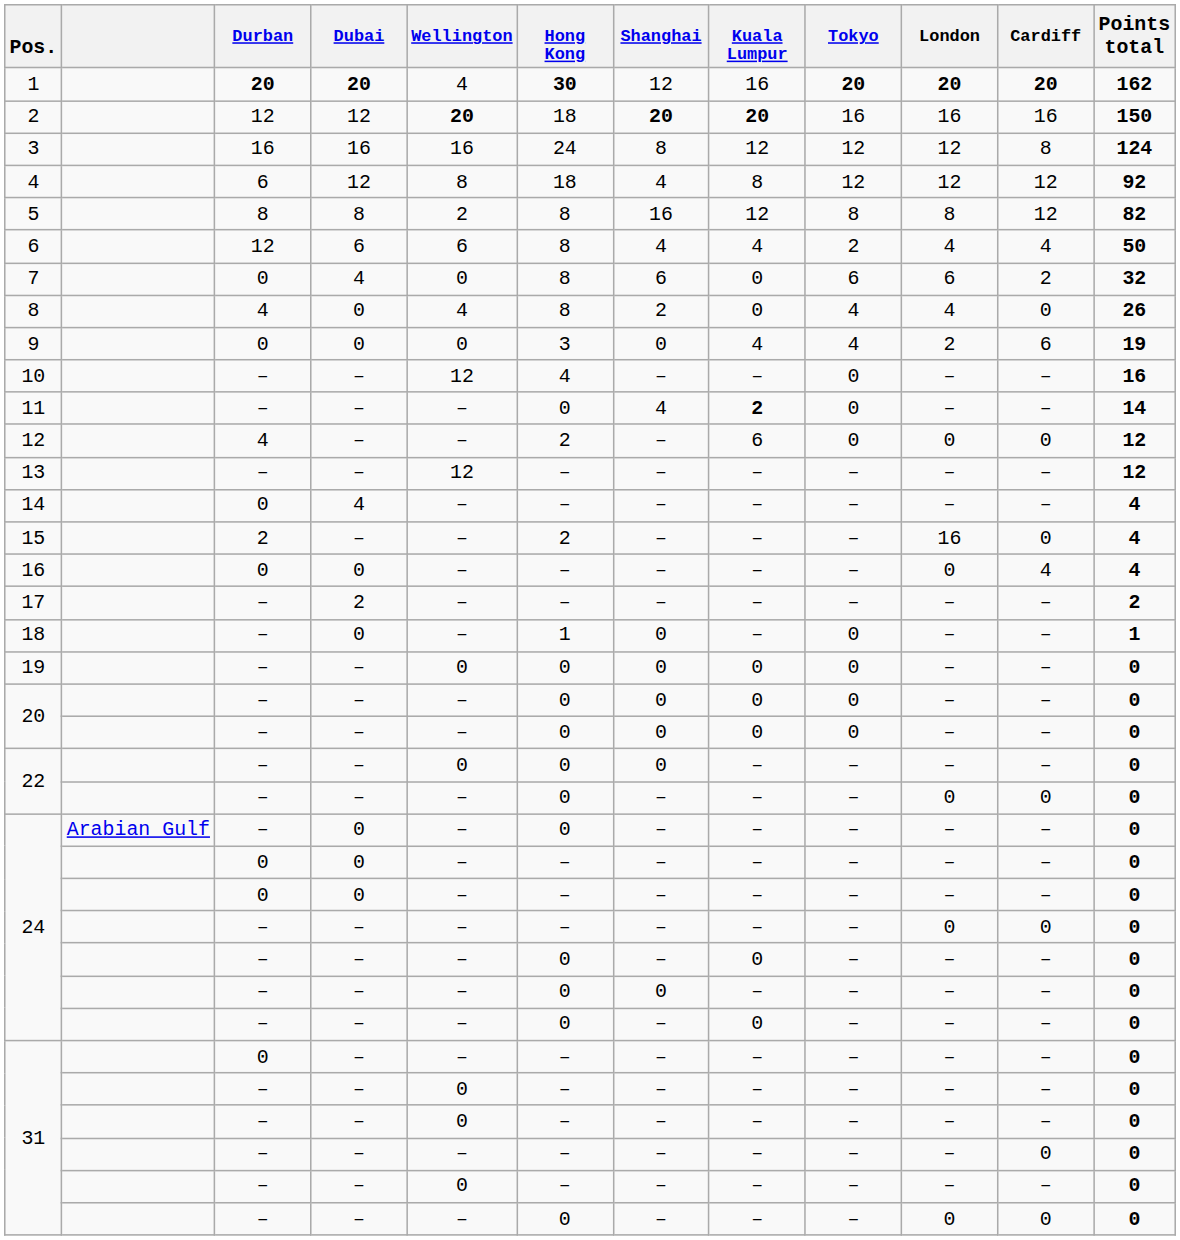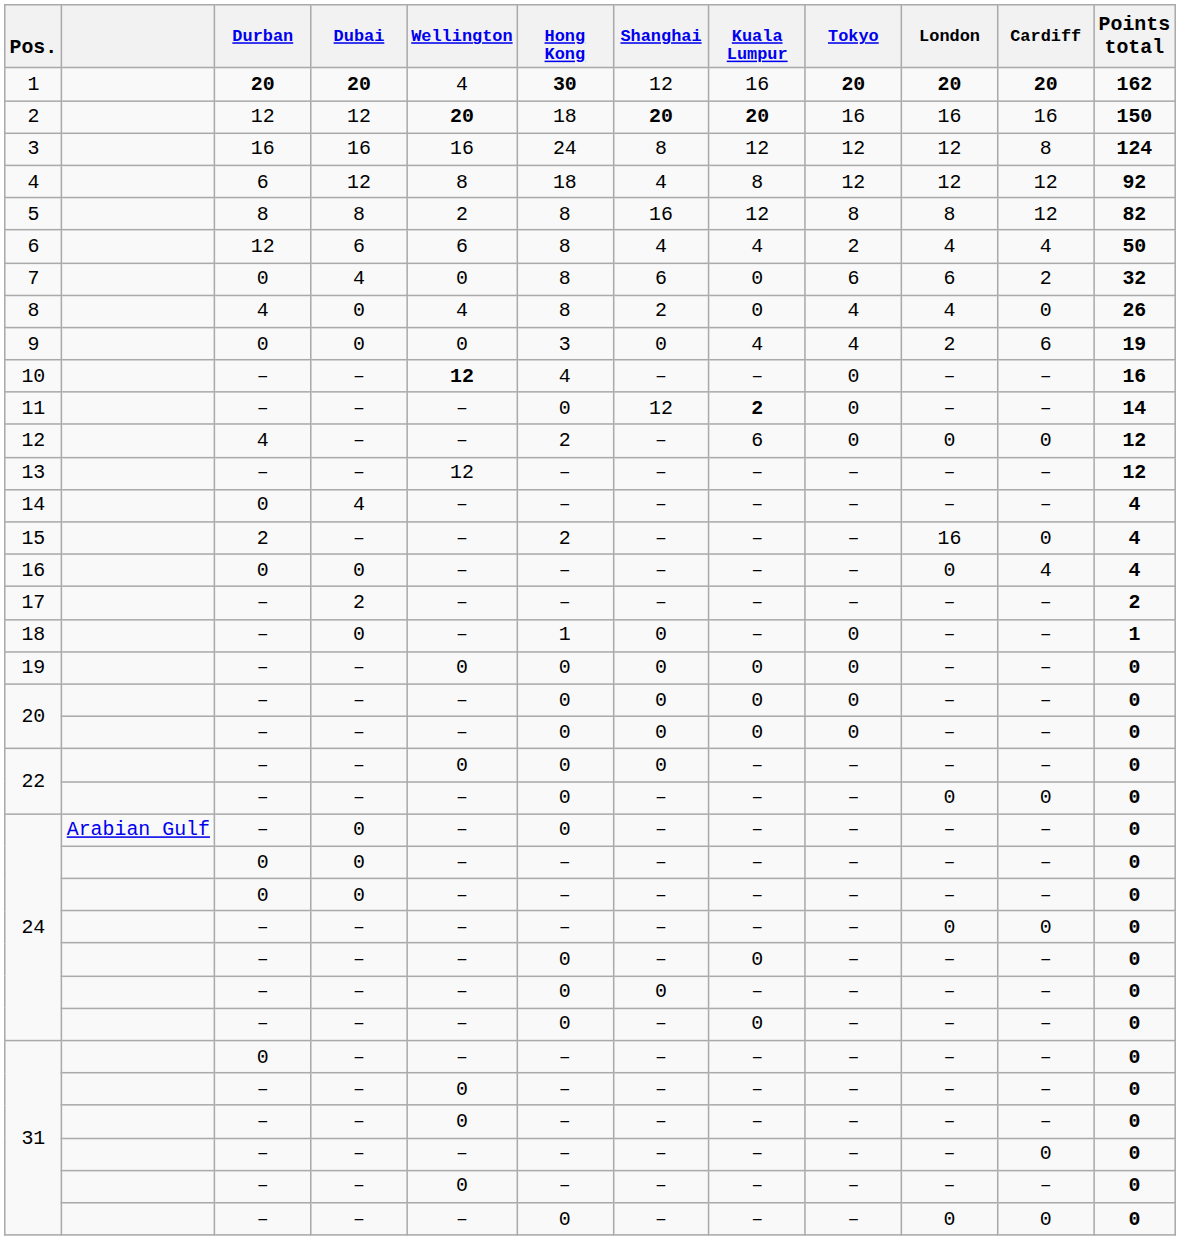 <table class="wikitable" style="text-align:center;">
 <tr>
 <th style="width:2em;"><br>Pos.</th>
 <th></th>
 <th style="width:5.2em; vertical-align:top; font-size:85%;"><br><a href='#'>Durban</a></th>
 <th style="width:5.2em; vertical-align:top; font-size:85%;"><br><a href='#'>Dubai</a></th>
 <th style="width:5.2em; vertical-align:top; font-size:85%;"><br><a href='#'>Wellington</a></th>
 <th style="width:5.2em; vertical-align:top; font-size:85%;"><br><a href='#'>Hong Kong</a></th>
 <th style="width:5.2em; vertical-align:top; font-size:85%;"><br><a href='#'>Shanghai</a></th>
 <th style="width:5.2em; vertical-align:top; font-size:85%;"><br><a href='#'>Kuala Lumpur</a></th>
 <th style="width:5.2em; vertical-align:top; font-size:85%;"><br><a href='#'>Tokyo</a></th>
 <th style="width:5.2em; vertical-align:top; font-size:85%;"><br>London</th>
 <th style="width:5.2em; vertical-align:top; font-size:85%;"><br>Cardiff</th>
 <th>Points<br>total</th>
 </tr>
 <tr>
 <td>1</td>
 <td align=left></td>
 <td><strong>20</strong></td>
 <td><strong>20</strong></td>
 <td>4</td>
 <td><strong>30</strong></td>
 <td>12</td>
 <td>16</td>
 <td><strong>20</strong></td>
 <td><strong>20</strong></td>
 <td><strong>20</strong></td>
 <td><strong>162</strong></td>
 </tr>
 <tr>
 <td>2</td>
 <td align=left></td>
 <td>12</td>
 <td>12</td>
 <td><strong>20</strong></td>
 <td>18</td>
 <td><strong>20</strong></td>
 <td><strong>20</strong></td>
 <td>16</td>
 <td>16</td>
 <td>16</td>
 <td><strong>150</strong></td>
 </tr>
 <tr>
 <td>3</td>
 <td align=left></td>
 <td>16</td>
 <td>16</td>
 <td>16</td>
 <td>24</td>
 <td>8</td>
 <td>12</td>
 <td>12</td>
 <td>12</td>
 <td>8</td>
 <td><strong>124</strong></td>
 </tr>
 <tr>
 <td>4</td>
 <td align=left></td>
 <td>6</td>
 <td>12</td>
 <td>8</td>
 <td>18</td>
 <td>4</td>
 <td>8</td>
 <td>12</td>
 <td>12</td>
 <td>12</td>
 <td><strong>92</strong></td>
 </tr>
 <tr>
 <td>5</td>
 <td align=left></td>
 <td>8</td>
 <td>8</td>
 <td>2</td>
 <td>8</td>
 <td>16</td>
 <td>12</td>
 <td>8</td>
 <td>8</td>
 <td>12</td>
 <td><strong>82</strong></td>
 </tr>
 <tr>
 <td>6</td>
 <td align=left></td>
 <td>12</td>
 <td>6</td>
 <td>6</td>
 <td>8</td>
 <td>4</td>
 <td>4</td>
 <td>2</td>
 <td>4</td>
 <td>4</td>
 <td><strong>50</strong></td>
 </tr>
 <tr>
 <td>7</td>
 <td align=left></td>
 <td>0</td>
 <td>4</td>
 <td>0</td>
 <td>8</td>
 <td>6</td>
 <td>0</td>
 <td>6</td>
 <td>6</td>
 <td>2</td>
 <td><strong>32</strong></td>
 </tr>
 <tr>
 <td>8</td>
 <td align=left></td>
 <td>4</td>
 <td>0</td>
 <td>4</td>
 <td>8</td>
 <td>2</td>
 <td>0</td>
 <td>4</td>
 <td>4</td>
 <td>0</td>
 <td><strong>26</strong></td>
 </tr>
 <tr>
 <td>9</td>
 <td align=left></td>
 <td>0</td>
 <td>0</td>
 <td>0</td>
 <td>3</td>
 <td>0</td>
 <td>4</td>
 <td>4</td>
 <td>2</td>
 <td>6</td>
 <td><strong>19</strong></td>
 </tr>
 <tr>
 <td>10</td>
 <td align=left></td>
 <td>–</td>
 <td>–</td>
-<td>12</td>
+<td><strong>12</strong></td>
 <td>4</td>
 <td>–</td>
 <td>–</td>
 <td>0</td>
 <td>–</td>
 <td>–</td>
 <td><strong>16</strong></td>
 </tr>
 <tr>
 <td>11</td>
 <td align=left></td>
 <td>–</td>
 <td>–</td>
 <td>–</td>
 <td>0</td>
-<td>4</td>
+<td>12</td>
 <td><strong>2</strong></td>
 <td>0</td>
 <td>–</td>
 <td>–</td>
 <td><strong>14</strong></td>
 </tr>
 <tr>
 <td>12</td>
 <td align=left></td>
 <td>4</td>
 <td>–</td>
 <td>–</td>
 <td>2</td>
 <td>–</td>
 <td>6</td>
 <td>0</td>
 <td>0</td>
 <td>0</td>
 <td><strong>12</strong></td>
 </tr>
 <tr>
 <td>13</td>
 <td align=left></td>
 <td>–</td>
 <td>–</td>
 <td>12</td>
 <td>–</td>
 <td>–</td>
 <td>–</td>
 <td>–</td>
 <td>–</td>
 <td>–</td>
 <td><strong>12</strong></td>
 </tr>
 <tr>
 <td>14</td>
 <td align=left></td>
 <td>0</td>
 <td>4</td>
 <td>–</td>
 <td>–</td>
 <td>–</td>
 <td>–</td>
 <td>–</td>
 <td>–</td>
 <td>–</td>
 <td><strong>4</strong></td>
 </tr>
 <tr>
 <td>15</td>
 <td align=left></td>
 <td>2</td>
 <td>–</td>
 <td>–</td>
 <td>2</td>
 <td>–</td>
 <td>–</td>
 <td>–</td>
 <td>16</td>
 <td>0</td>
 <td><strong>4</strong></td>
 </tr>
 <tr>
 <td>16</td>
 <td align=left></td>
 <td>0</td>
 <td>0</td>
 <td>–</td>
 <td>–</td>
 <td>–</td>
 <td>–</td>
 <td>–</td>
 <td>0</td>
 <td>4</td>
 <td><strong>4</strong></td>
 </tr>
 <tr>
 <td>17</td>
 <td align=left></td>
 <td>–</td>
 <td>2</td>
 <td>–</td>
 <td>–</td>
 <td>–</td>
 <td>–</td>
 <td>–</td>
 <td>–</td>
 <td>–</td>
 <td><strong>2</strong></td>
 </tr>
 <tr>
 <td>18</td>
 <td align=left></td>
 <td>–</td>
 <td>0</td>
 <td>–</td>
 <td>1</td>
 <td>0</td>
 <td>–</td>
 <td>0</td>
 <td>–</td>
 <td>–</td>
 <td><strong>1</strong></td>
 </tr>
 <tr>
 <td>19</td>
 <td align=left></td>
 <td>–</td>
 <td>–</td>
 <td>0</td>
 <td>0</td>
 <td>0</td>
 <td>0</td>
 <td>0</td>
 <td>–</td>
 <td>–</td>
 <td><strong>0</strong></td>
 </tr>
 <tr>
 <td rowspan=2>20</td>
 <td align=left></td>
 <td>–</td>
 <td>–</td>
 <td>–</td>
 <td>0</td>
 <td>0</td>
 <td>0</td>
 <td>0</td>
 <td>–</td>
 <td>–</td>
 <td><strong>0</strong></td>
 </tr>
 <tr>
 <td align=left></td>
 <td>–</td>
 <td>–</td>
 <td>–</td>
 <td>0</td>
 <td>0</td>
 <td>0</td>
 <td>0</td>
 <td>–</td>
 <td>–</td>
 <td><strong>0</strong></td>
 </tr>
 <tr>
 <td rowspan=2>22</td>
 <td align=left></td>
 <td>–</td>
 <td>–</td>
 <td>0</td>
 <td>0</td>
 <td>0</td>
 <td>–</td>
 <td>–</td>
 <td>–</td>
 <td>–</td>
 <td><strong>0</strong></td>
 </tr>
 <tr>
 <td align=left></td>
 <td>–</td>
 <td>–</td>
 <td>–</td>
 <td>0</td>
 <td>–</td>
 <td>–</td>
 <td>–</td>
 <td>0</td>
 <td>0</td>
 <td><strong>0</strong></td>
 </tr>
 <tr>
 <td rowspan=7>24</td>
 <td align=left> <a href='#'>Arabian Gulf</a></td>
 <td>–</td>
 <td>0</td>
 <td>–</td>
 <td>0</td>
 <td>–</td>
 <td>–</td>
 <td>–</td>
 <td>–</td>
 <td>–</td>
 <td><strong>0</strong></td>
 </tr>
 <tr>
 <td align=left></td>
 <td>0</td>
 <td>0</td>
 <td>–</td>
 <td>–</td>
 <td>–</td>
 <td>–</td>
 <td>–</td>
 <td>–</td>
 <td>–</td>
 <td><strong>0</strong></td>
 </tr>
 <tr>
 <td align=left></td>
 <td>0</td>
 <td>0</td>
 <td>–</td>
 <td>–</td>
 <td>–</td>
 <td>–</td>
 <td>–</td>
 <td>–</td>
 <td>–</td>
 <td><strong>0</strong></td>
 </tr>
 <tr>
 <td align=left></td>
 <td>–</td>
 <td>–</td>
 <td>–</td>
 <td>–</td>
 <td>–</td>
 <td>–</td>
 <td>–</td>
 <td>0</td>
 <td>0</td>
 <td><strong>0</strong></td>
 </tr>
 <tr>
 <td align=left></td>
 <td>–</td>
 <td>–</td>
 <td>–</td>
 <td>0</td>
 <td>–</td>
 <td>0</td>
 <td>–</td>
 <td>–</td>
 <td>–</td>
 <td><strong>0</strong></td>
 </tr>
 <tr>
 <td align=left></td>
 <td>–</td>
 <td>–</td>
 <td>–</td>
 <td>0</td>
 <td>0</td>
 <td>–</td>
 <td>–</td>
 <td>–</td>
 <td>–</td>
 <td><strong>0</strong></td>
 </tr>
 <tr>
 <td align=left></td>
 <td>–</td>
 <td>–</td>
 <td>–</td>
 <td>0</td>
 <td>–</td>
 <td>0</td>
 <td>–</td>
 <td>–</td>
 <td>–</td>
 <td><strong>0</strong></td>
 </tr>
 <tr>
 <td rowspan=6>31</td>
 <td align=left></td>
 <td>0</td>
 <td>–</td>
 <td>–</td>
 <td>–</td>
 <td>–</td>
 <td>–</td>
 <td>–</td>
 <td>–</td>
 <td>–</td>
 <td><strong>0</strong></td>
 </tr>
 <tr>
 <td align=left></td>
 <td>–</td>
 <td>–</td>
 <td>0</td>
 <td>–</td>
 <td>–</td>
 <td>–</td>
 <td>–</td>
 <td>–</td>
 <td>–</td>
 <td><strong>0</strong></td>
 </tr>
 <tr>
 <td align=left></td>
 <td>–</td>
 <td>–</td>
 <td>0</td>
 <td>–</td>
 <td>–</td>
 <td>–</td>
 <td>–</td>
 <td>–</td>
 <td>–</td>
 <td><strong>0</strong></td>
 </tr>
 <tr>
 <td align=left></td>
 <td>–</td>
 <td>–</td>
 <td>–</td>
 <td>–</td>
 <td>–</td>
 <td>–</td>
 <td>–</td>
 <td>–</td>
 <td>0</td>
 <td><strong>0</strong></td>
 </tr>
 <tr>
 <td align=left></td>
 <td>–</td>
 <td>–</td>
 <td>0</td>
 <td>–</td>
 <td>–</td>
 <td>–</td>
 <td>–</td>
 <td>–</td>
 <td>–</td>
 <td><strong>0</strong></td>
 </tr>
 <tr>
 <td align=left></td>
 <td>–</td>
 <td>–</td>
 <td>–</td>
 <td>0</td>
 <td>–</td>
 <td>–</td>
 <td>–</td>
 <td>0</td>
 <td>0</td>
 <td><strong>0</strong></td>
 </tr>
 </table>
